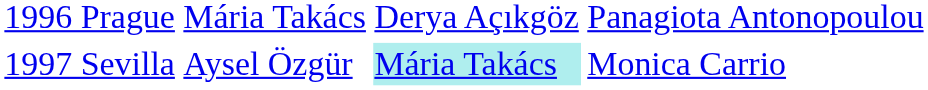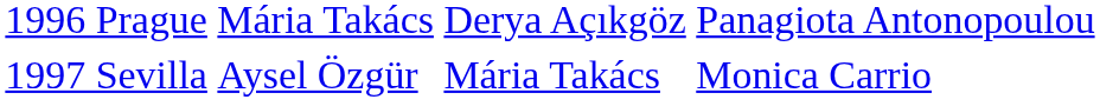 <table>
 <tr>
 <td><a href='#'>1996 Prague</a></td>
 <td> <a href='#'>Mária Takács</a></td>
 <td> <a href='#'>Derya Açıkgöz</a></td>
 <td> <a href='#'>Panagiota Antonopoulou</a></td>
 </tr>
 <tr>
 <td><a href='#'>1997 Sevilla</a></td>
 <td> <a href='#'>Aysel Özgür</a></td>
-<td style="background: paleturquoise;"> <a href='#'>Mária Takács</a></td>
+<td> <a href='#'>Mária Takács</a></td>
 <td> <a href='#'>Monica Carrio</a></td>
 </tr>
 </table>
